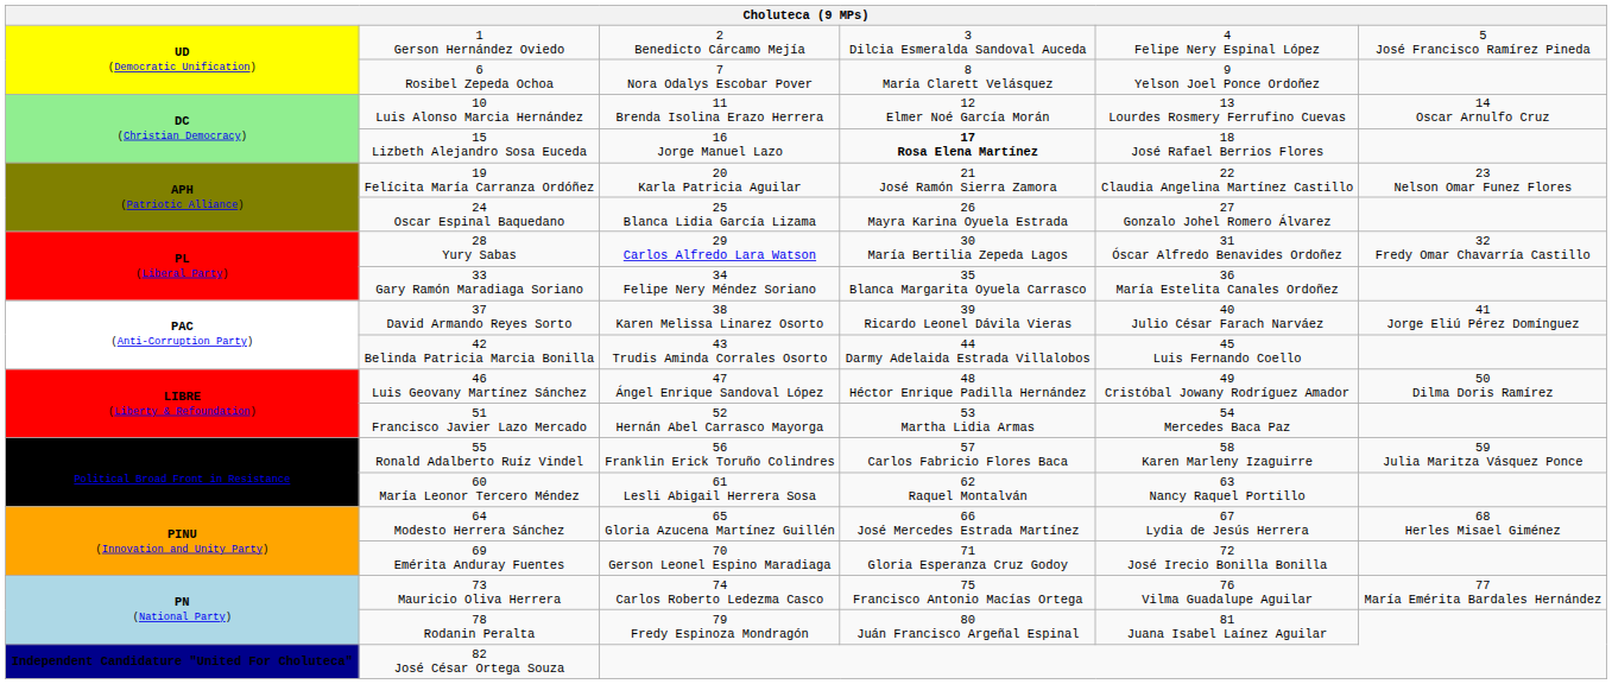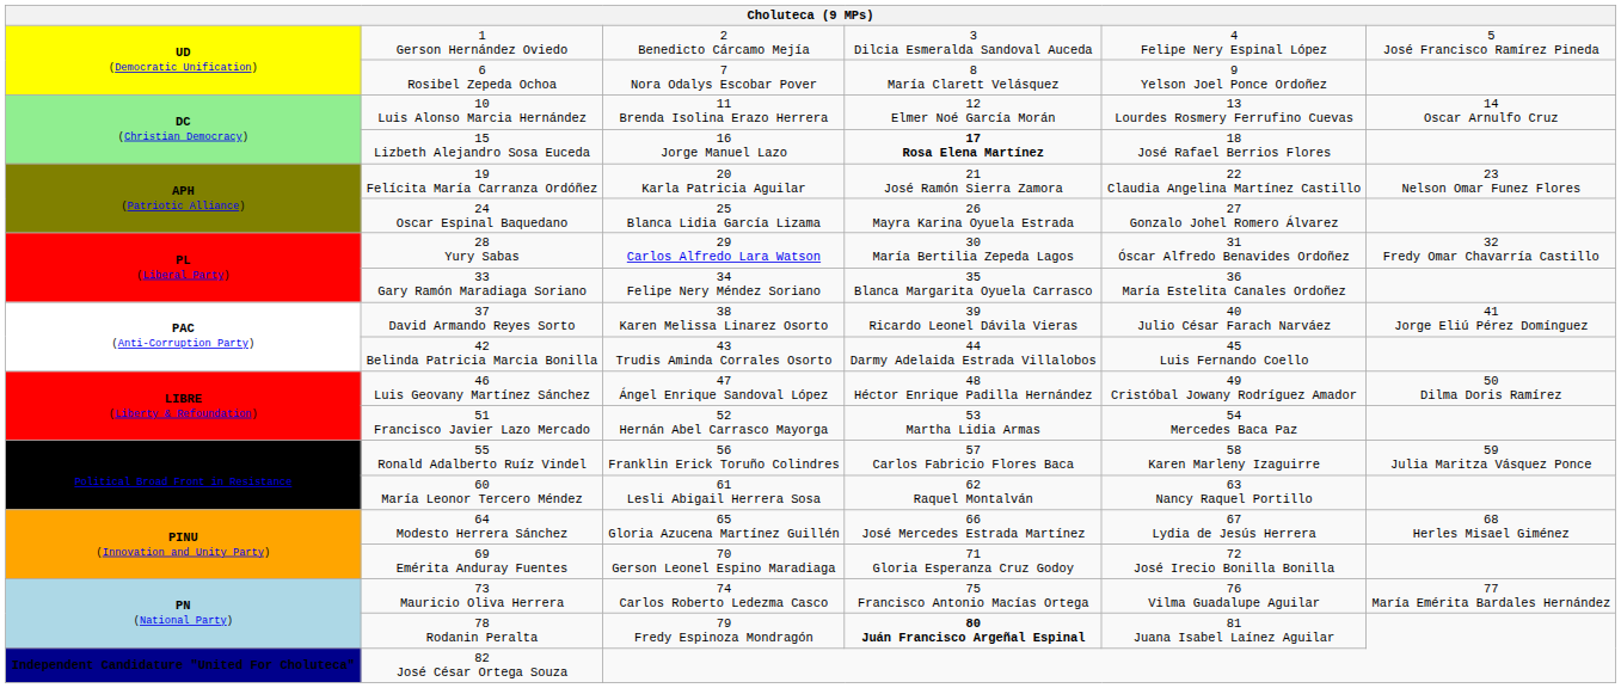 <table class="wikitable" align="center" style="width: 85%">
 <tr>
 <th colspan=24>Choluteca (9 MPs)</th>
 </tr>
 <tr align="center">
 <td bgcolor="yellow" rowspan=2><span><span><strong>UD</strong></span></span><br><small>(<a href='#'>Democratic Unification</a>)</small></td>
 <td>1<br>Gerson Hernández Oviedo</td>
 <td>2<br>Benedicto Cárcamo Mejía</td>
 <td>3<br>Dilcia Esmeralda Sandoval Auceda</td>
 <td>4<br>Felipe Nery Espinal López</td>
 <td>5<br>José Francisco Ramírez Pineda</td>
 </tr>
 <tr align="center">
 <td>6<br>Rosibel Zepeda Ochoa</td>
 <td>7<br>Nora Odalys Escobar Pover</td>
 <td>8<br>María Clarett Velásquez</td>
 <td>9<br>Yelson Joel Ponce Ordoñez</td>
 </tr>
 <tr align="center">
 <td bgcolor="lightgreen" rowspan=2><span><span><strong>DC</strong></span></span><br><small>(<a href='#'>Christian Democracy</a>)</small></td>
 <td>10<br>Luis Alonso Marcia Hernández</td>
 <td>11<br>Brenda Isolina Erazo Herrera</td>
 <td>12<br>Elmer Noé García Morán</td>
 <td>13<br>Lourdes Rosmery Ferrufino Cuevas</td>
 <td>14<br>Oscar Arnulfo Cruz</td>
 </tr>
 <tr align="center">
 <td>15<br>Lizbeth Alejandro Sosa Euceda</td>
 <td>16<br>Jorge Manuel Lazo</td>
 <td><strong>17<br>Rosa Elena Martínez</strong></td>
 <td>18<br>José Rafael Berrios Flores</td>
 </tr>
 <tr align="center">
 <td bgcolor="olive" rowspan=2><span><span><strong>APH</strong></span></span><br><small>(<a href='#'>Patriotic Alliance</a>)</small></td>
 <td>19<br>Felícita María Carranza Ordóñez</td>
 <td>20<br>Karla Patricia Aguilar</td>
 <td>21<br>José Ramón Sierra Zamora</td>
 <td>22<br>Claudia Angelina Martínez Castillo</td>
 <td>23<br>Nelson Omar Funez Flores</td>
 </tr>
 <tr align="center">
 <td>24<br>Oscar Espinal Baquedano</td>
 <td>25<br>Blanca Lidia García Lizama</td>
 <td>26<br>Mayra Karina Oyuela Estrada</td>
 <td>27<br>Gonzalo Johel Romero Álvarez</td>
 </tr>
 <tr align="center">
 <td bgcolor="red" rowspan=2><span><span><strong>PL</strong></span></span><br><small>(<a href='#'>Liberal Party</a>)</small></td>
 <td>28<br>Yury Sabas</td>
 <td>29<br><a href='#'>Carlos Alfredo Lara Watson</a></td>
 <td>30<br>María Bertilia Zepeda Lagos</td>
 <td>31<br>Óscar Alfredo Benavides Ordoñez</td>
 <td>32<br>Fredy Omar Chavarría Castillo</td>
 </tr>
 <tr align="center">
 <td>33<br>Gary Ramón Maradiaga Soriano</td>
 <td>34<br>Felipe Nery Méndez Soriano</td>
 <td>35<br>Blanca Margarita Oyuela Carrasco</td>
 <td>36<br>María Estelita Canales Ordoñez</td>
 </tr>
 <tr align="center">
 <td bgcolor="white" rowspan=2><span><span><strong>PAC</strong></span></span><br><small>(<a href='#'>Anti-Corruption Party</a>)</small></td>
 <td>37<br>David Armando Reyes Sorto</td>
 <td>38<br>Karen Melissa Linarez Osorto</td>
 <td>39<br>Ricardo Leonel Dávila Vieras</td>
 <td>40<br>Julio César Farach Narváez</td>
 <td>41<br>Jorge Eliú Pérez Domínguez</td>
 </tr>
 <tr align="center">
 <td>42<br>Belinda Patricia Marcia Bonilla</td>
 <td>43<br>Trudis Aminda Corrales Osorto</td>
 <td>44<br>Darmy Adelaida Estrada Villalobos</td>
 <td>45<br>Luis Fernando Coello</td>
 </tr>
 <tr align="center">
 <td bgcolor="red" rowspan=2><span><span><strong>LIBRE</strong></span></span><br><small>(<a href='#'>Liberty & Refoundation</a>)</small></td>
 <td>46<br>Luis Geovany Martínez Sánchez</td>
 <td>47<br>Ángel Enrique Sandoval López</td>
 <td>48<br>Héctor Enrique Padilla Hernández</td>
 <td>49<br>Cristóbal Jowany Rodríguez Amador</td>
 <td>50<br>Dilma Doris Ramírez</td>
 </tr>
 <tr align="center">
 <td>51<br>Francisco Javier Lazo Mercado</td>
 <td>52<br>Hernán Abel Carrasco Mayorga</td>
 <td>53<br>Martha Lidia Armas</td>
 <td>54<br>Mercedes Baca Paz</td>
 </tr>
 <tr align="center">
 <td bgcolor="black" rowspan=2><span><span><strong>FAPER</strong></span></span><br><small>(<a href='#'>Political Broad Front in Resistance</a>)</small></td>
 <td>55<br>Ronald Adalberto Ruíz Vindel</td>
 <td>56<br>Franklin Erick Toruño Colindres</td>
 <td>57<br>Carlos Fabricio Flores Baca</td>
 <td>58<br>Karen Marleny Izaguirre</td>
 <td>59<br>Julia Maritza Vásquez Ponce</td>
 </tr>
 <tr align="center">
 <td>60<br>María Leonor Tercero Méndez</td>
 <td>61<br>Lesli Abigail Herrera Sosa</td>
 <td>62<br>Raquel Montalván</td>
 <td>63<br>Nancy Raquel Portillo</td>
 </tr>
 <tr align="center">
 <td bgcolor="orange" rowspan=2><span><span><strong>PINU</strong></span></span><br><small>(<a href='#'>Innovation and Unity Party</a>)</small></td>
 <td>64<br>Modesto Herrera Sánchez</td>
 <td>65<br>Gloria Azucena Martínez Guillén</td>
 <td>66<br>José Mercedes Estrada Martínez</td>
 <td>67<br>Lydia de Jesús Herrera</td>
 <td>68<br>Herles Misael Giménez</td>
 </tr>
 <tr align="center">
 <td>69<br>Emérita Anduray Fuentes</td>
 <td>70<br>Gerson Leonel Espino Maradiaga</td>
 <td>71<br>Gloria Esperanza Cruz Godoy</td>
 <td>72<br>José Irecio Bonilla Bonilla</td>
 </tr>
 <tr align="center">
 <td bgcolor="lightblue" rowspan=2><span><span><strong>PN</strong></span></span><br><small>(<a href='#'>National Party</a>)</small></td>
 <td>73<br>Mauricio Oliva Herrera</td>
 <td>74<br>Carlos Roberto Ledezma Casco</td>
 <td>75<br>Francisco Antonio Macías Ortega</td>
 <td>76<br>Vilma Guadalupe Aguilar</td>
 <td>77<br>María Emérita Bardales Hernández</td>
 </tr>
 <tr align="center">
 <td>78<br>Rodanin Peralta</td>
 <td>79<br>Fredy Espinoza Mondragón</td>
-<td>80<br>Juán Francisco Argeñal Espinal</td>
+<td><strong>80<br>Juán Francisco Argeñal Espinal</strong></td>
 <td>81<br>Juana Isabel Laínez Aguilar</td>
 </tr>
 <tr align="center">
 <td bgcolor="darkblue" rowspan=1><span><span><strong>Independent Candidature "United For Choluteca"</strong></span></span><br></td>
 <td>82<br>José César Ortega Souza</td>
 </tr>
 </table>
